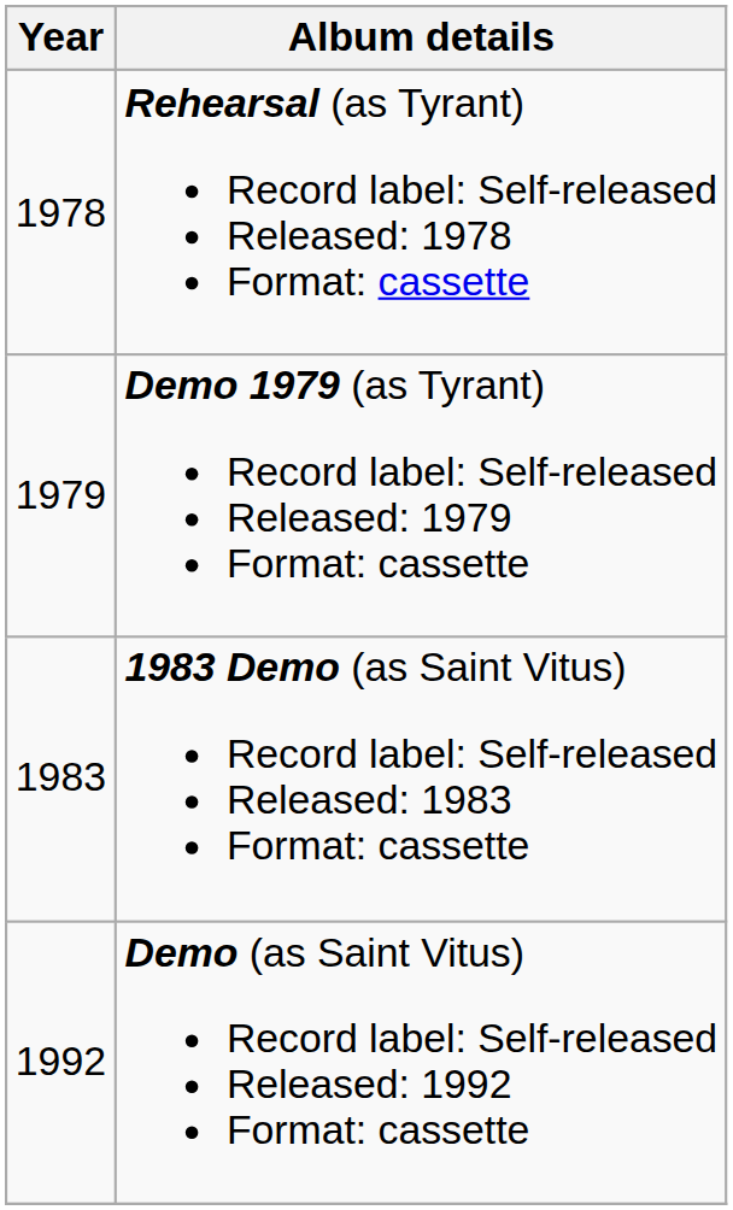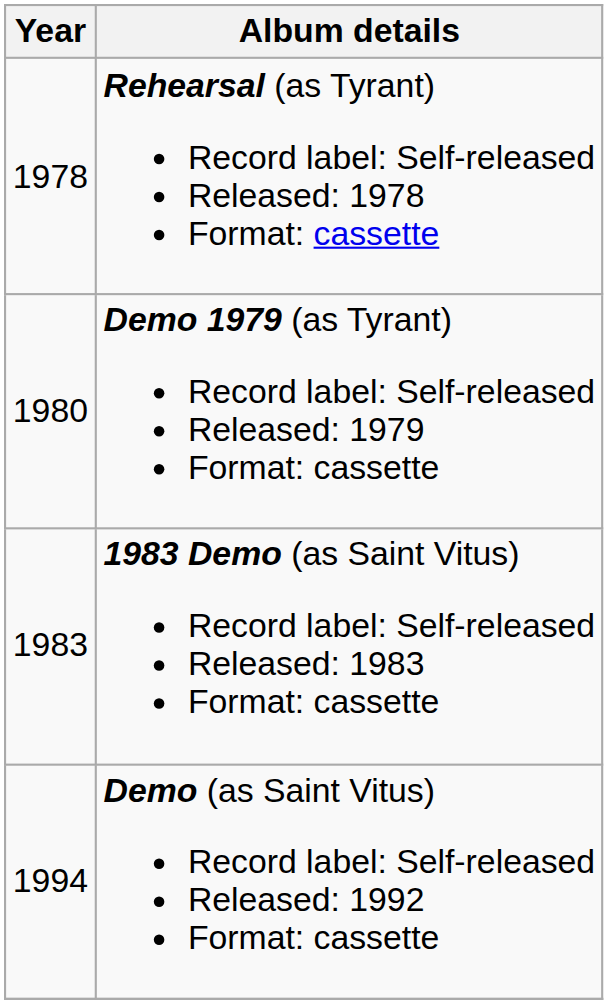 <table class ="wikitable">
 <tr>
 <th>Year</th>
 <th>Album details</th>
 </tr>
 <tr>
 <td>1978</td>
 <td><strong><em>Rehearsal</em></strong> (as Tyrant)<br><ul><li>Record label: Self-released</li><li>Released: 1978</li><li>Format: <a href='#'>cassette</a></li></ul></td>
 </tr>
 <tr>
-<td>1979</td>
+<td>1980</td>
 <td><strong><em>Demo 1979</em></strong> (as Tyrant)<br><ul><li>Record label: Self-released</li><li>Released: 1979</li><li>Format: cassette</li></ul></td>
 </tr>
 <tr>
 <td>1983</td>
 <td><strong><em>1983 Demo</em></strong> (as Saint Vitus)<br><ul><li>Record label: Self-released</li><li>Released: 1983</li><li>Format: cassette</li></ul></td>
 </tr>
 <tr>
-<td>1992</td>
+<td>1994</td>
 <td><strong><em>Demo</em></strong> (as Saint Vitus)<br><ul><li>Record label: Self-released</li><li>Released: 1992</li><li>Format: cassette</li></ul></td>
 </tr>
 <tr>
 </tr>
 </table>
